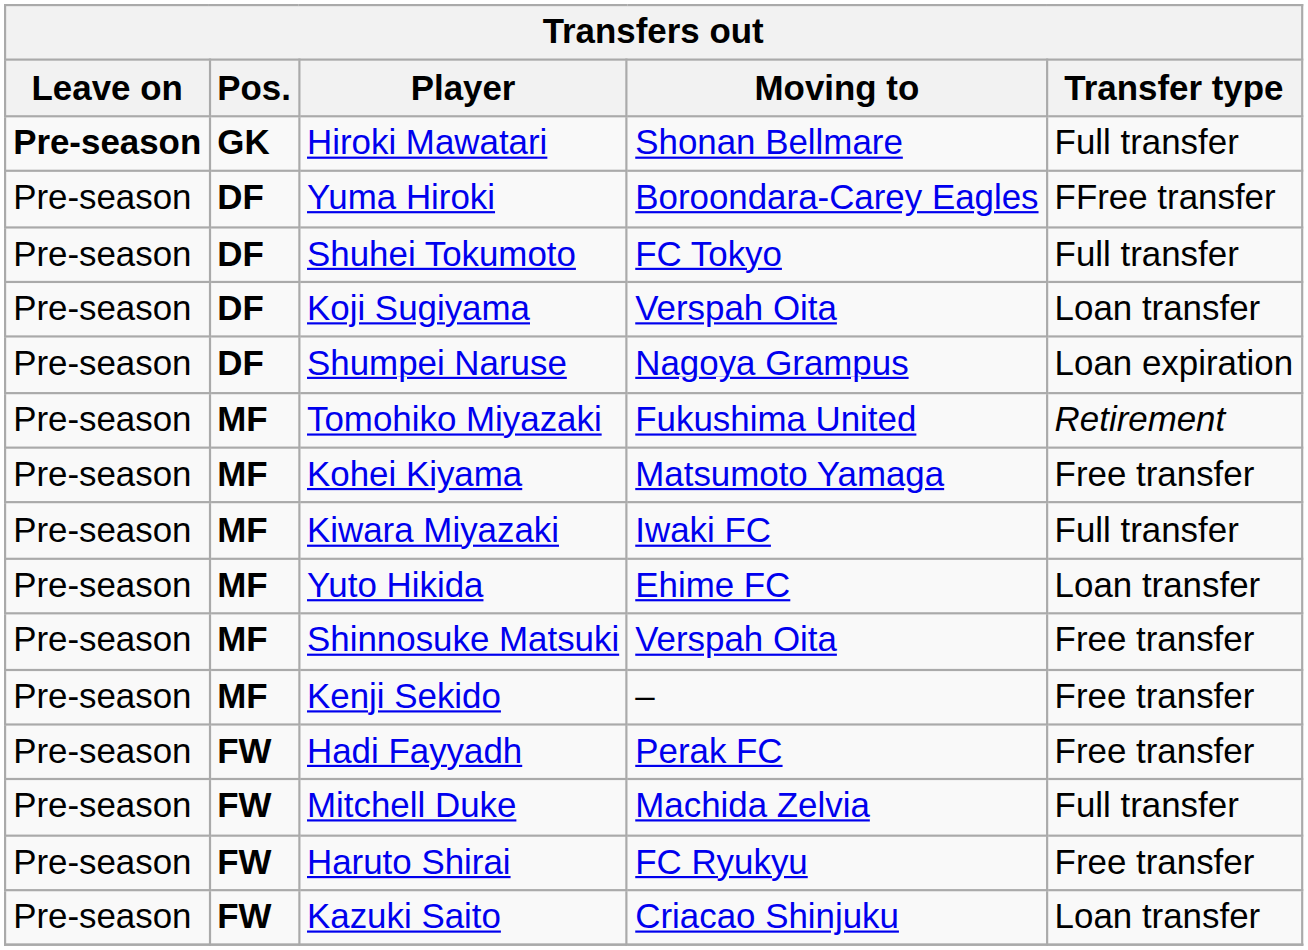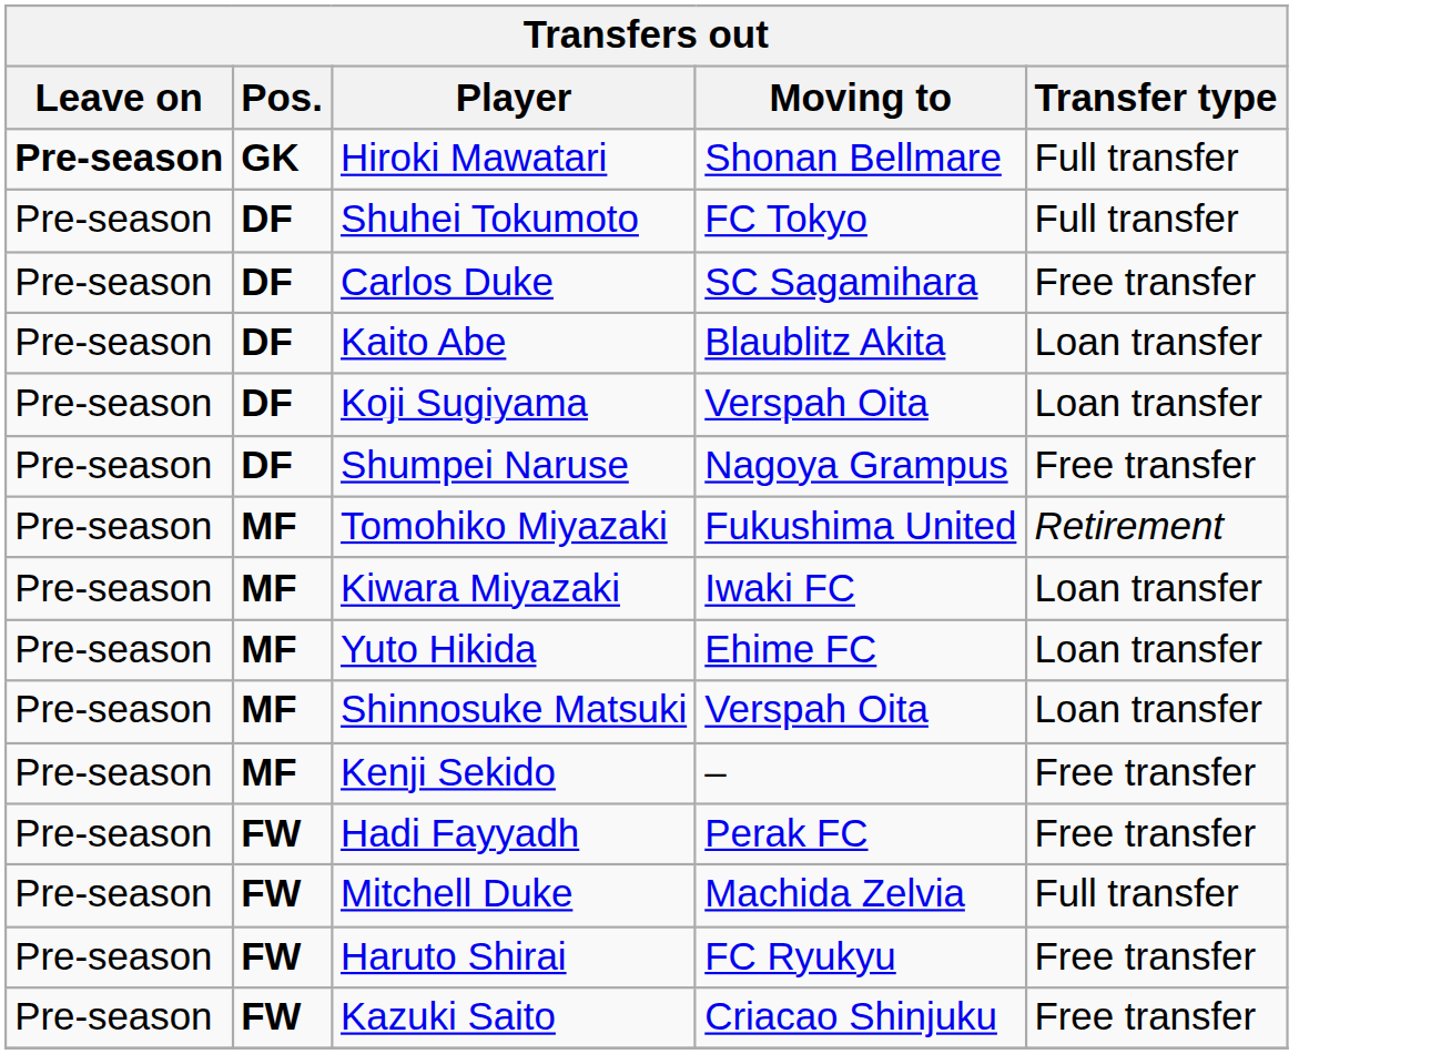 <table class="wikitable sortable" style=“text-align:left;>
 <tr>
 <th colspan="5">Transfers out</th>
 </tr>
 <tr>
 <th>Leave on</th>
 <th>Pos.</th>
 <th>Player</th>
 <th>Moving to</th>
 <th>Transfer type</th>
 </tr>
 <tr>
 <td><strong>Pre-season</strong></td>
 <td><strong>GK</strong></td>
 <td> <a href='#'>Hiroki Mawatari</a></td>
 <td> <a href='#'>Shonan Bellmare</a></td>
 <td>Full transfer</td>
 </tr>
 <tr>
 <td>Pre-season</td>
 <td><strong>DF</strong></td>
-<td> <a href='#'>Yuma Hiroki</a></td>
-<td> <a href='#'>Boroondara-Carey Eagles</a></td>
-<td>FFree transfer</td>
+<td> <a href='#'>Shuhei Tokumoto</a></td>
+<td> <a href='#'>FC Tokyo</a></td>
+<td>Full transfer</td>
 </tr>
 <tr>
 <td>Pre-season</td>
 <td><strong>DF</strong></td>
-<td> <a href='#'>Shuhei Tokumoto</a></td>
-<td> <a href='#'>FC Tokyo</a></td>
-<td>Full transfer</td>
+<td> <a href='#'>Carlos Duke</a></td>
+<td> <a href='#'>SC Sagamihara</a></td>
+<td>Free transfer</td>
+</tr>
+<tr>
+<td>Pre-season</td>
+<td><strong>DF</strong></td>
+<td> <a href='#'>Kaito Abe</a></td>
+<td> <a href='#'>Blaublitz Akita</a></td>
+<td>Loan transfer</td>
 </tr>
 <tr>
 <td>Pre-season</td>
 <td><strong>DF</strong></td>
 <td> <a href='#'>Koji Sugiyama</a></td>
 <td> <a href='#'>Verspah Oita</a></td>
 <td>Loan transfer</td>
 </tr>
 <tr>
 <td>Pre-season</td>
 <td><strong>DF</strong></td>
 <td> <a href='#'>Shumpei Naruse</a></td>
 <td> <a href='#'>Nagoya Grampus</a></td>
-<td>Loan expiration</td>
+<td>Free transfer</td>
 </tr>
 <tr>
 <td>Pre-season</td>
 <td><strong>MF</strong></td>
 <td> <a href='#'>Tomohiko Miyazaki</a></td>
 <td> <a href='#'>Fukushima United</a></td>
 <td><em>Retirement</em></td>
 </tr>
 <tr>
 <td>Pre-season</td>
 <td><strong>MF</strong></td>
-<td> <a href='#'>Kohei Kiyama</a></td>
-<td> <a href='#'>Matsumoto Yamaga</a></td>
-<td>Free transfer</td>
-</tr>
-<tr>
-<td>Pre-season</td>
-<td><strong>MF</strong></td>
 <td> <a href='#'>Kiwara Miyazaki</a></td>
 <td> <a href='#'>Iwaki FC</a></td>
-<td>Full transfer</td>
+<td>Loan transfer</td>
 </tr>
 <tr>
 <td>Pre-season</td>
 <td><strong>MF</strong></td>
 <td> <a href='#'>Yuto Hikida</a></td>
 <td> <a href='#'>Ehime FC</a></td>
 <td>Loan transfer</td>
 </tr>
 <tr>
 <td>Pre-season</td>
 <td><strong>MF</strong></td>
 <td> <a href='#'>Shinnosuke Matsuki</a></td>
 <td> <a href='#'>Verspah Oita</a></td>
-<td>Free transfer</td>
+<td>Loan transfer</td>
 </tr>
 <tr>
 <td>Pre-season</td>
 <td><strong>MF</strong></td>
 <td> <a href='#'>Kenji Sekido</a></td>
 <td>–</td>
 <td>Free transfer</td>
 </tr>
 <tr>
 <td>Pre-season</td>
 <td><strong>FW</strong></td>
 <td> <a href='#'>Hadi Fayyadh</a></td>
 <td> <a href='#'>Perak FC</a></td>
 <td>Free transfer</td>
 </tr>
 <tr>
 <td>Pre-season</td>
 <td><strong>FW</strong></td>
 <td> <a href='#'>Mitchell Duke</a></td>
 <td> <a href='#'>Machida Zelvia</a></td>
 <td>Full transfer</td>
 </tr>
 <tr>
 <td>Pre-season</td>
 <td><strong>FW</strong></td>
 <td> <a href='#'>Haruto Shirai</a></td>
 <td> <a href='#'>FC Ryukyu</a></td>
 <td>Free transfer</td>
 </tr>
 <tr>
 <td>Pre-season</td>
 <td><strong>FW</strong></td>
 <td> <a href='#'>Kazuki Saito</a></td>
 <td> <a href='#'>Criacao Shinjuku</a></td>
-<td>Loan transfer</td>
+<td>Free transfer</td>
 </tr>
 <tr>
 </tr>
 </table>
